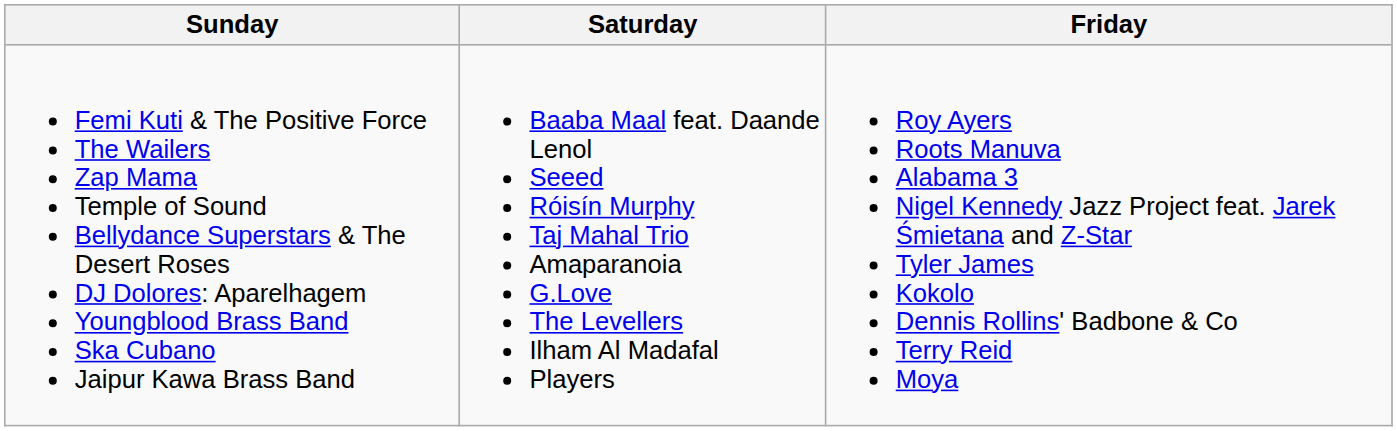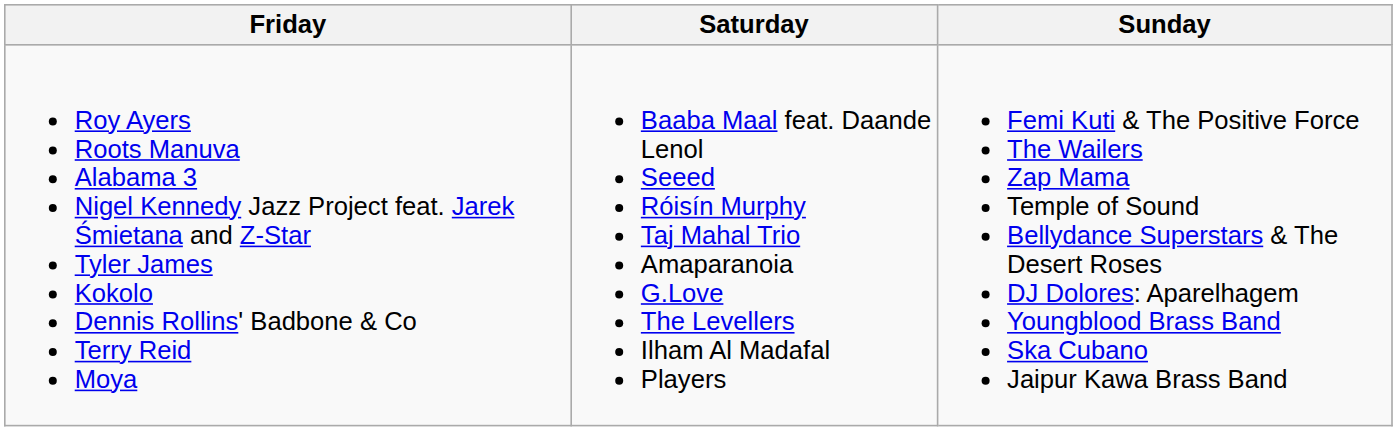 <table class="wikitable">
 <tr>
+<th>Friday</th>
+<th>Saturday</th>
 <th>Sunday</th>
-<th>Saturday</th>
-<th>Friday</th>
 </tr>
 <tr valign="top">
+<td><br><ul><li><a href='#'>Roy Ayers</a></li><li><a href='#'>Roots Manuva</a></li><li><a href='#'>Alabama 3</a></li><li><a href='#'>Nigel Kennedy</a> Jazz Project feat. <a href='#'>Jarek Śmietana</a> and <a href='#'>Z-Star</a></li><li><a href='#'>Tyler James</a></li><li><a href='#'>Kokolo</a></li><li><a href='#'>Dennis Rollins</a>' Badbone & Co</li><li><a href='#'>Terry Reid</a></li><li><a href='#'>Moya</a></li></ul></td>
+<td><br><ul><li><a href='#'>Baaba Maal</a> feat. Daande Lenol</li><li><a href='#'>Seeed</a></li><li><a href='#'>Róisín Murphy</a></li><li><a href='#'>Taj Mahal Trio</a></li><li>Amaparanoia</li><li><a href='#'>G.Love</a></li><li><a href='#'>The Levellers</a></li><li>Ilham Al Madafal</li><li>Players</li></ul></td>
 <td><br><ul><li><a href='#'>Femi Kuti</a> & The Positive Force</li><li><a href='#'>The Wailers</a></li><li><a href='#'>Zap Mama</a></li><li>Temple of Sound</li><li><a href='#'>Bellydance Superstars</a> & The Desert Roses</li><li><a href='#'>DJ Dolores</a>: Aparelhagem</li><li><a href='#'>Youngblood Brass Band</a></li><li><a href='#'>Ska Cubano</a></li><li>Jaipur Kawa Brass Band</li></ul></td>
-<td><br><ul><li><a href='#'>Baaba Maal</a> feat. Daande Lenol</li><li><a href='#'>Seeed</a></li><li><a href='#'>Róisín Murphy</a></li><li><a href='#'>Taj Mahal Trio</a></li><li>Amaparanoia</li><li><a href='#'>G.Love</a></li><li><a href='#'>The Levellers</a></li><li>Ilham Al Madafal</li><li>Players</li></ul></td>
-<td><br><ul><li><a href='#'>Roy Ayers</a></li><li><a href='#'>Roots Manuva</a></li><li><a href='#'>Alabama 3</a></li><li><a href='#'>Nigel Kennedy</a> Jazz Project feat. <a href='#'>Jarek Śmietana</a> and <a href='#'>Z-Star</a></li><li><a href='#'>Tyler James</a></li><li><a href='#'>Kokolo</a></li><li><a href='#'>Dennis Rollins</a>' Badbone & Co</li><li><a href='#'>Terry Reid</a></li><li><a href='#'>Moya</a></li></ul></td>
 </tr>
 </table>
